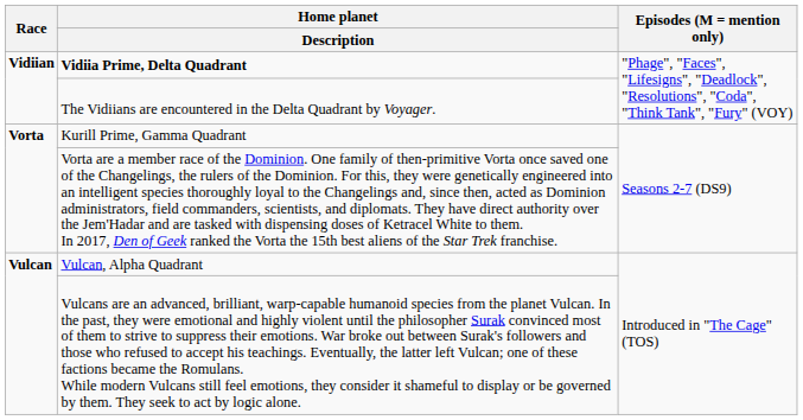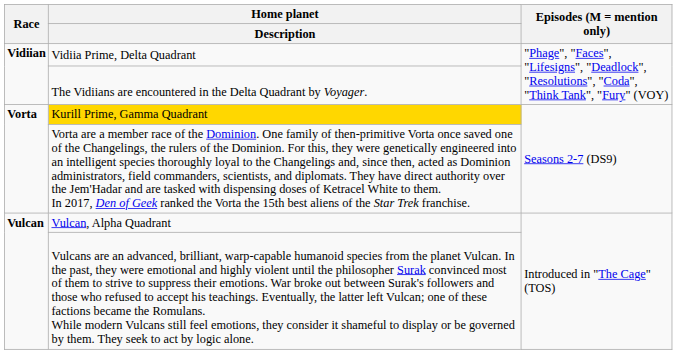 <table class="wikitable">
 <tr>
 <th rowspan="2">Race</th>
 <th>Home planet</th>
 <th rowspan="2">Episodes (M = mention only)</th>
 </tr>
 <tr>
 <th>Description</th>
 </tr>
 <tr>
 <td rowspan="2" style="vertical-align: top;"><strong>Vidiian</strong> </td>
-<td><strong>Vidiia Prime, Delta Quadrant</strong></td>
+<td>Vidiia Prime, Delta Quadrant</td>
 <td rowspan="2">"<a href='#'>Phage</a>", "<a href='#'>Faces</a>", "<a href='#'>Lifesigns</a>", "<a href='#'>Deadlock</a>", "<a href='#'>Resolutions</a>", "<a href='#'>Coda</a>", "<a href='#'>Think Tank</a>", "<a href='#'>Fury</a>" (VOY)</td>
 </tr>
 <tr>
 <td><br>The Vidiians are encountered in the Delta Quadrant by <em>Voyager</em>.</td>
 </tr>
 <tr>
 <td rowspan="2" style="vertical-align: top;"><strong>Vorta</strong> </td>
-<td>Kurill Prime, Gamma Quadrant</td>
+<td style="background: gold;">Kurill Prime, Gamma Quadrant</td>
 <td rowspan="2"><a href='#'>Seasons 2-7</a> (DS9)</td>
 </tr>
 <tr>
 <td>Vorta are a member race of the <a href='#'>Dominion</a>. One family of then-primitive Vorta once saved one of the Changelings, the rulers of the Dominion. For this, they were genetically engineered into an intelligent species thoroughly loyal to the Changelings and, since then, acted as Dominion administrators, field commanders, scientists, and diplomats. They have direct authority over the Jem'Hadar and are tasked with dispensing doses of Ketracel White to them.<br>In 2017, <em><a href='#'>Den of Geek</a></em> ranked the Vorta the 15th best aliens of the <em>Star Trek</em> franchise.</td>
 </tr>
 <tr>
 <td rowspan="2" style="vertical-align: top;"><strong>Vulcan</strong> </td>
 <td><a href='#'>Vulcan</a>, Alpha Quadrant</td>
 <td rowspan="2">Introduced in "<a href='#'>The Cage</a>" (TOS)</td>
 </tr>
 <tr>
 <td><br>Vulcans are an advanced, brilliant, warp-capable humanoid species from the planet Vulcan. In the past, they were emotional and highly violent until the philosopher <a href='#'>Surak</a> convinced most of them to strive to suppress their emotions. War broke out between Surak's followers and those who refused to accept his teachings. Eventually, the latter left Vulcan; one of these factions became the Romulans.<br>While modern Vulcans still feel emotions, they consider it shameful to display or be governed by them. They seek to act by logic alone.</td>
 </tr>
 </table>
